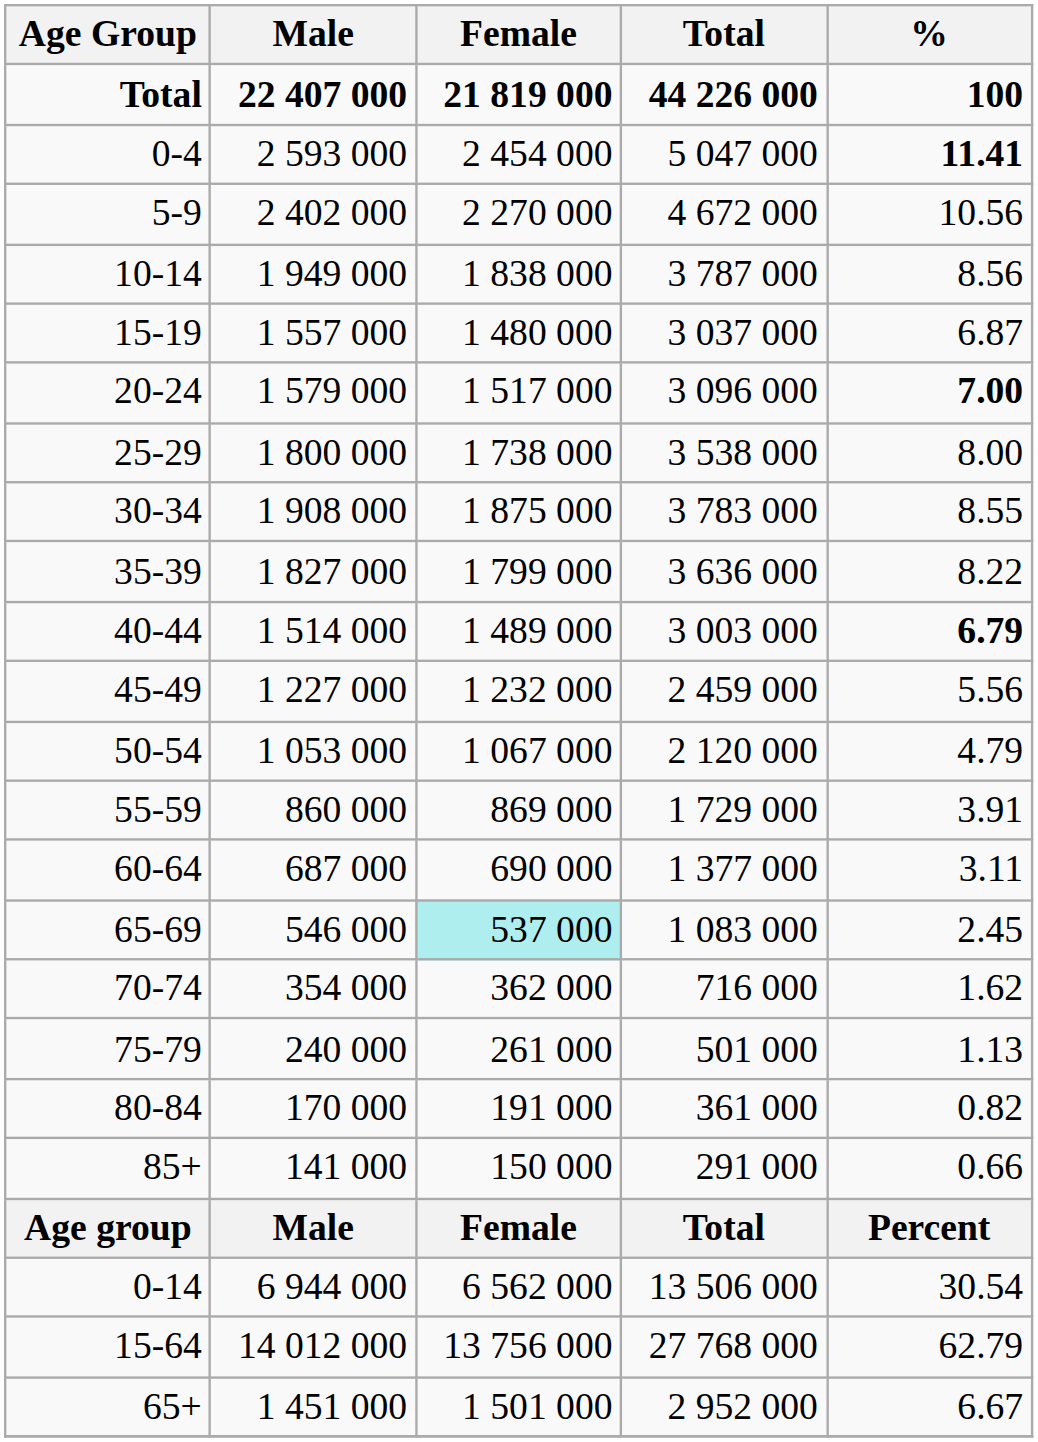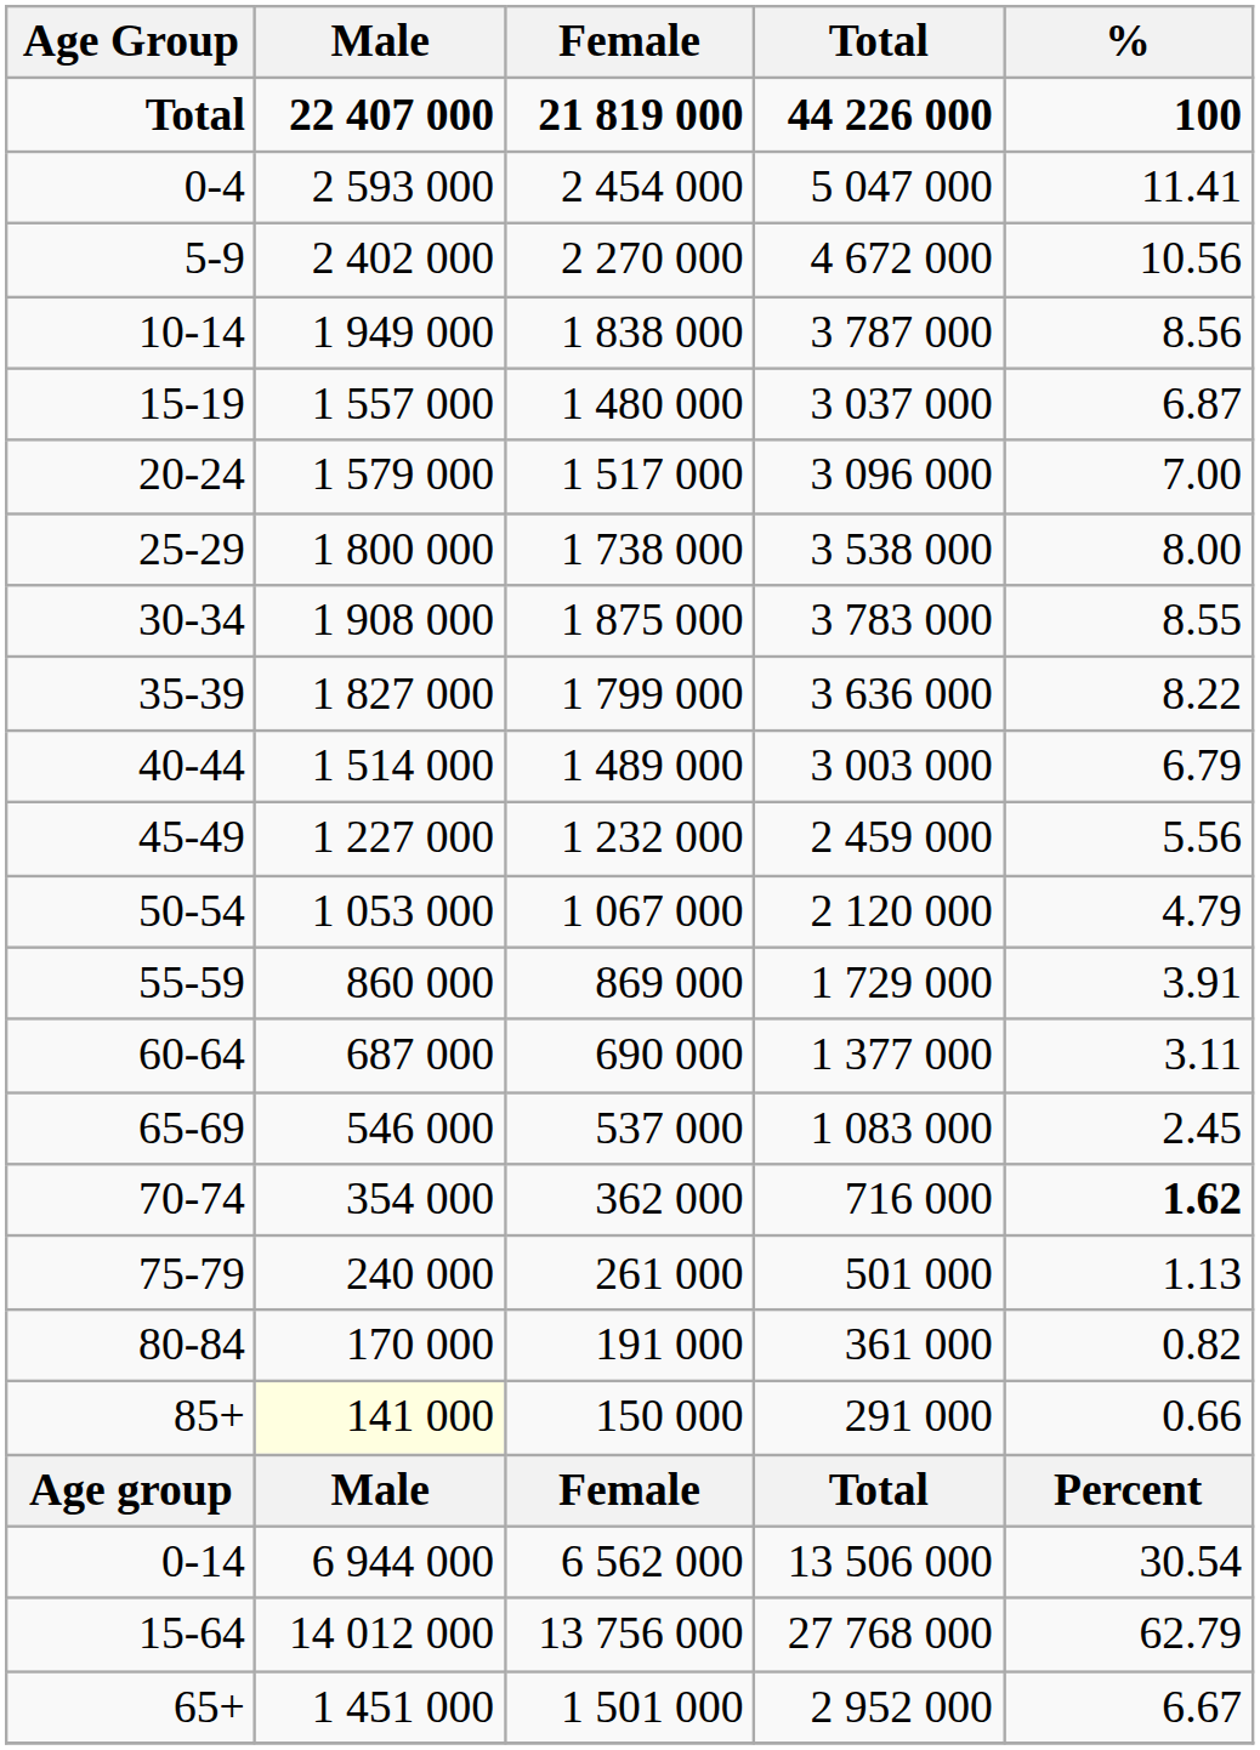 <table class="wikitable">
 <tr>
 <th width="80pt">Age Group</th>
 <th width="80pt">Male</th>
 <th width="80pt">Female</th>
 <th width="80pt">Total</th>
 <th width="80pt">%</th>
 </tr>
 <tr>
 <td align="right"><strong>Total</strong></td>
 <td align="right"><strong>22 407 000</strong></td>
 <td align="right"><strong>21 819 000</strong></td>
 <td align="right"><strong>44 226 000</strong></td>
 <td align="right"><strong>100</strong></td>
 </tr>
 <tr>
 <td align="right">0-4</td>
 <td align="right">2 593 000</td>
 <td align="right">2 454 000</td>
 <td align="right">5 047 000</td>
-<td align="right"><strong>11.41</strong></td>
+<td align="right">11.41</td>
 </tr>
 <tr>
 <td align="right">5-9</td>
 <td align="right">2 402 000</td>
 <td align="right">2 270 000</td>
 <td align="right">4 672 000</td>
 <td align="right">10.56</td>
 </tr>
 <tr>
 <td align="right">10-14</td>
 <td align="right">1 949 000</td>
 <td align="right">1 838 000</td>
 <td align="right">3 787 000</td>
 <td align="right">8.56</td>
 </tr>
 <tr>
 <td align="right">15-19</td>
 <td align="right">1 557 000</td>
 <td align="right">1 480 000</td>
 <td align="right">3 037 000</td>
 <td align="right">6.87</td>
 </tr>
 <tr>
 <td align="right">20-24</td>
 <td align="right">1 579 000</td>
 <td align="right">1 517 000</td>
 <td align="right">3 096 000</td>
-<td align="right"><strong>7.00</strong></td>
+<td align="right">7.00</td>
 </tr>
 <tr>
 <td align="right">25-29</td>
 <td align="right">1 800 000</td>
 <td align="right">1 738 000</td>
 <td align="right">3 538 000</td>
 <td align="right">8.00</td>
 </tr>
 <tr>
 <td align="right">30-34</td>
 <td align="right">1 908 000</td>
 <td align="right">1 875 000</td>
 <td align="right">3 783 000</td>
 <td align="right">8.55</td>
 </tr>
 <tr>
 <td align="right">35-39</td>
 <td align="right">1 827 000</td>
 <td align="right">1 799 000</td>
 <td align="right">3 636 000</td>
 <td align="right">8.22</td>
 </tr>
 <tr>
 <td align="right">40-44</td>
 <td align="right">1 514 000</td>
 <td align="right">1 489 000</td>
 <td align="right">3 003 000</td>
-<td align="right"><strong>6.79</strong></td>
+<td align="right">6.79</td>
 </tr>
 <tr>
 <td align="right">45-49</td>
 <td align="right">1 227 000</td>
 <td align="right">1 232 000</td>
 <td align="right">2 459 000</td>
 <td align="right">5.56</td>
 </tr>
 <tr>
 <td align="right">50-54</td>
 <td align="right">1 053 000</td>
 <td align="right">1 067 000</td>
 <td align="right">2 120 000</td>
 <td align="right">4.79</td>
 </tr>
 <tr>
 <td align="right">55-59</td>
 <td align="right">860 000</td>
 <td align="right">869 000</td>
 <td align="right">1 729 000</td>
 <td align="right">3.91</td>
 </tr>
 <tr>
 <td align="right">60-64</td>
 <td align="right">687 000</td>
 <td align="right">690 000</td>
 <td align="right">1 377 000</td>
 <td align="right">3.11</td>
 </tr>
 <tr>
 <td align="right">65-69</td>
 <td align="right">546 000</td>
-<td align="right" style="background: paleturquoise;">537 000</td>
+<td align="right">537 000</td>
 <td align="right">1 083 000</td>
 <td align="right">2.45</td>
 </tr>
 <tr>
 <td align="right">70-74</td>
 <td align="right">354 000</td>
 <td align="right">362 000</td>
 <td align="right">716 000</td>
-<td align="right">1.62</td>
+<td align="right"><strong>1.62</strong></td>
 </tr>
 <tr>
 <td align="right">75-79</td>
 <td align="right">240 000</td>
 <td align="right">261 000</td>
 <td align="right">501 000</td>
 <td align="right">1.13</td>
 </tr>
 <tr>
 <td align="right">80-84</td>
 <td align="right">170 000</td>
 <td align="right">191 000</td>
 <td align="right">361 000</td>
 <td align="right">0.82</td>
 </tr>
 <tr>
 <td align="right">85+</td>
-<td align="right">141 000</td>
+<td align="right" style="background: lightyellow;">141 000</td>
 <td align="right">150 000</td>
 <td align="right">291 000</td>
 <td align="right">0.66</td>
 </tr>
 <tr>
 <th width="50">Age group</th>
 <th width="80pt">Male</th>
 <th width="80">Female</th>
 <th width="80">Total</th>
 <th width="50">Percent</th>
 </tr>
 <tr>
 <td align="right">0-14</td>
 <td align="right">6 944 000</td>
 <td align="right">6 562 000</td>
 <td align="right">13 506 000</td>
 <td align="right">30.54</td>
 </tr>
 <tr>
 <td align="right">15-64</td>
 <td align="right">14 012 000</td>
 <td align="right">13 756 000</td>
 <td align="right">27 768 000</td>
 <td align="right">62.79</td>
 </tr>
 <tr>
 <td align="right">65+</td>
 <td align="right">1 451 000</td>
 <td align="right">1 501 000</td>
 <td align="right">2 952 000</td>
 <td align="right">6.67</td>
 </tr>
 <tr>
 </tr>
 </table>
